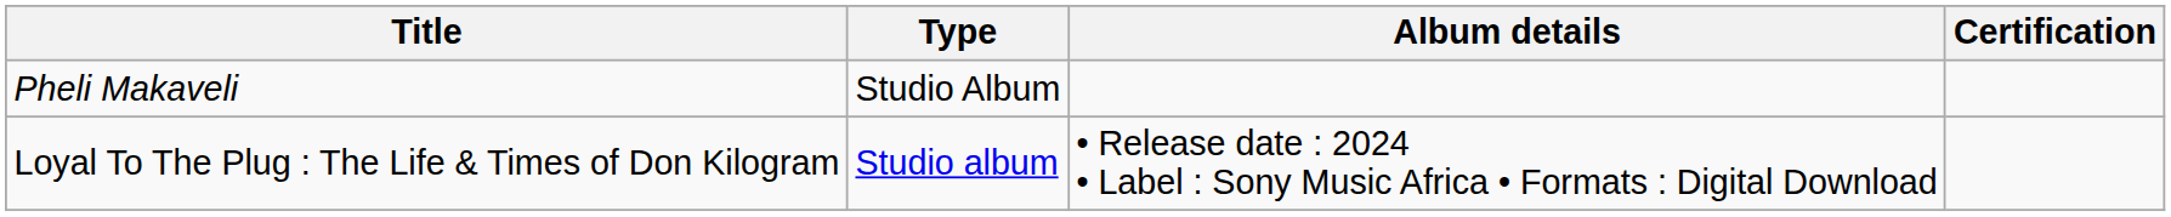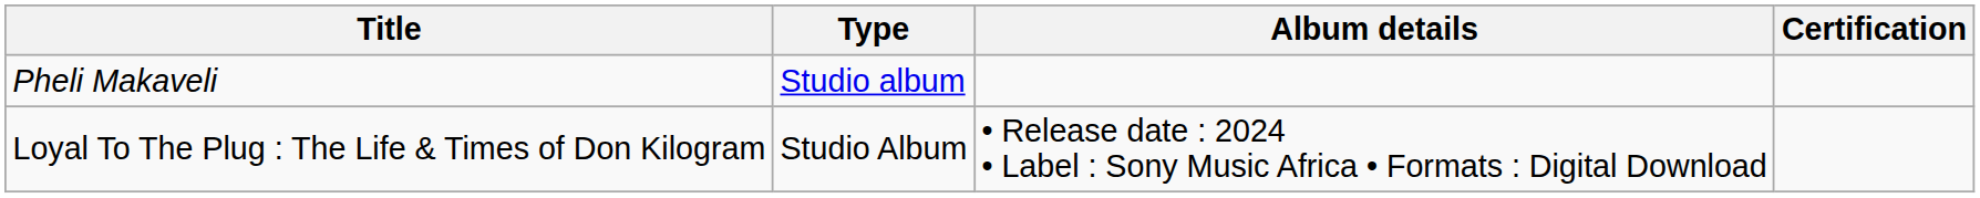 <table class="wikitable plainrowheaders">
 <tr>
 <th>Title</th>
 <th>Type</th>
 <th>Album details</th>
 <th>Certification</th>
 </tr>
 <tr>
 <td><em>Pheli Makaveli</em></td>
-<td>Studio Album</td>
+<td><a href='#'>Studio album</a></td>
 <td></td>
 <td></td>
 </tr>
 <tr>
 <td>Loyal To The Plug : The Life & Times of Don Kilogram</td>
-<td><a href='#'>Studio album</a></td>
+<td>Studio Album</td>
 <td>• Release date : 2024<br>• Label : Sony Music Africa • Formats : Digital Download</td>
 <td></td>
 </tr>
 </table>
